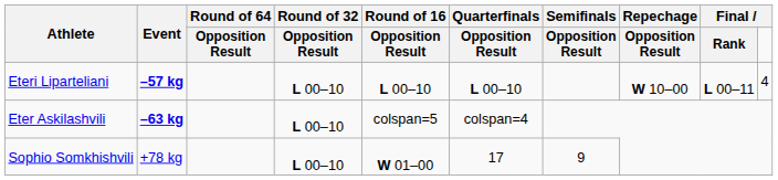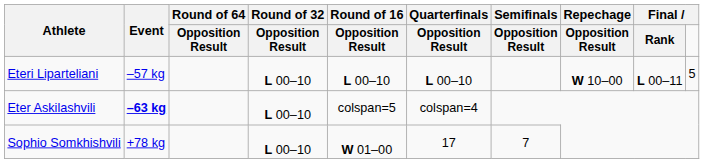 <table class=wikitable style=font-size:90%;>
 <tr>
 <th rowspan=2>Athlete</th>
 <th rowspan=2>Event</th>
 <th>Round of 64</th>
 <th>Round of 32</th>
 <th>Round of 16</th>
 <th>Quarterfinals</th>
 <th>Semifinals</th>
 <th>Repechage</th>
 <th colspan=2>Final / </th>
 </tr>
 <tr style=font-size:95%>
 <th>Opposition<br>Result</th>
 <th>Opposition<br>Result</th>
 <th>Opposition<br>Result</th>
 <th>Opposition<br>Result</th>
 <th>Opposition<br>Result</th>
 <th>Opposition<br>Result</th>
 <th>Rank</th>
 </tr>
 <tr align=center>
 <td align=left><a href='#'>Eteri Liparteliani</a></td>
-<td align=left><strong><a href='#'>–57 kg</a></strong></td>
+<td align=left><a href='#'>–57 kg</a></td>
 <td></td>
 <td><br><strong>L</strong> 00–10</td>
 <td><br><strong>L</strong> 00–10</td>
 <td><br><strong>L</strong> 00–10</td>
 <td></td>
 <td><br><strong>W</strong> 10–00</td>
 <td><br><strong>L</strong> 00–11</td>
-<td>4</td>
+<td>5</td>
 </tr>
 <tr align=center>
 <td align=left><a href='#'>Eter Askilashvili</a></td>
 <td align=left><strong><a href='#'>–63 kg</a></strong></td>
 <td></td>
 <td><br><strong>L</strong> 00–10</td>
 <td>colspan=5</td>
 <td>colspan=4</td>
 </tr>
 <tr align=center>
 <td align=left><a href='#'>Sophio Somkhishvili</a></td>
 <td align=left><a href='#'>+78 kg</a></td>
 <td></td>
 <td><br><strong>L</strong> 00–10</td>
 <td><br><strong>W</strong> 01–00</td>
 <td>17</td>
-<td>9</td>
+<td>7</td>
 </tr>
 </table>
